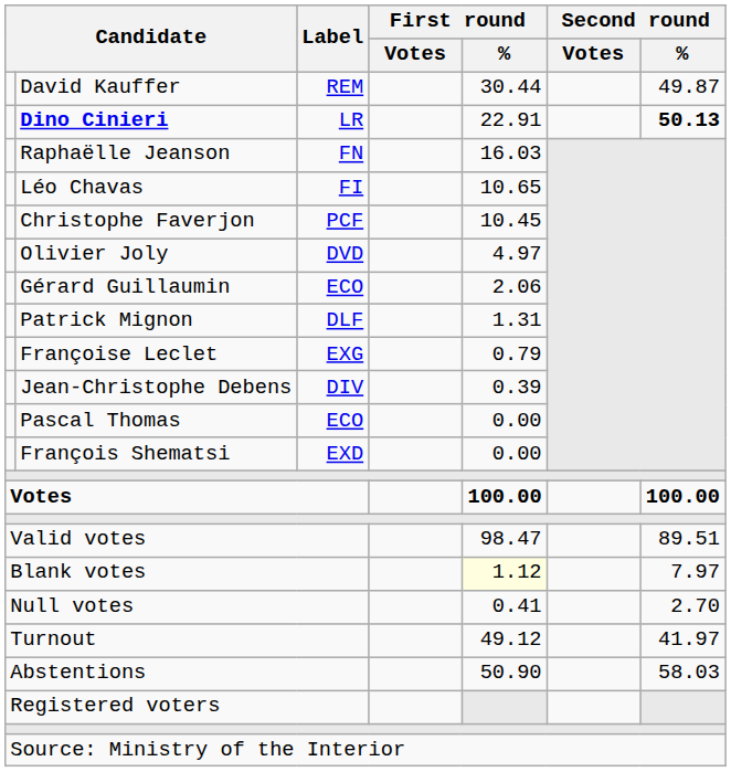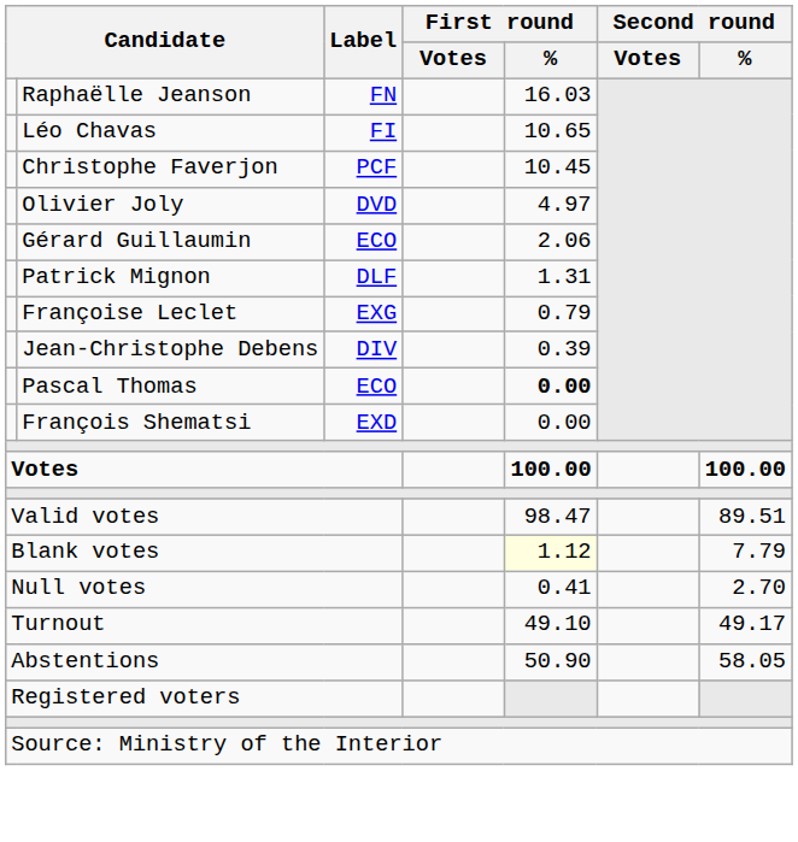 <table class="wikitable" style="text-align:right;font-size:95%;">
 <tr>
 <th rowspan="2" colspan="2">Candidate</th>
 <th rowspan="2">Label</th>
 <th colspan="2">First round</th>
 <th colspan="2">Second round</th>
 </tr>
 <tr>
 <th style="width:50px;">Votes</th>
 <th style="width:45px;">%</th>
 <th style="width:50px;">Votes</th>
 <th style="width:45px;">%</th>
-</tr>
-<tr>
-<td style="color:inherit;background:"></td>
-<td style="text-align:left;">David Kauffer</td>
-<td><a href='#'>REM</a></td>
-<td></td>
-<td>30.44</td>
-<td></td>
-<td>49.87</td>
-</tr>
-<tr>
-<td style="color:inherit;background:"></td>
-<td style="text-align:left;"><strong><a href='#'>Dino Cinieri</a></strong></td>
-<td><a href='#'>LR</a></td>
-<td></td>
-<td>22.91</td>
-<td><strong></strong></td>
-<td><strong>50.13</strong></td>
 </tr>
 <tr>
 <td style="color:inherit;background:"></td>
 <td style="text-align:left;">Raphaëlle Jeanson</td>
 <td><a href='#'>FN</a></td>
 <td></td>
 <td>16.03</td>
 <td colspan="2" rowspan="10" style="background:#E9E9E9;"></td>
 </tr>
 <tr>
 <td style="color:inherit;background:"></td>
 <td style="text-align:left;">Léo Chavas</td>
 <td><a href='#'>FI</a></td>
 <td></td>
 <td>10.65</td>
 </tr>
 <tr>
 <td style="color:inherit;background:"></td>
 <td style="text-align:left;">Christophe Faverjon</td>
 <td><a href='#'>PCF</a></td>
 <td></td>
 <td>10.45</td>
 </tr>
 <tr>
 <td style="color:inherit;background:"></td>
 <td style="text-align:left;">Olivier Joly</td>
 <td><a href='#'>DVD</a></td>
 <td></td>
 <td>4.97</td>
 </tr>
 <tr>
 <td style="color:inherit;background:"></td>
 <td style="text-align:left;">Gérard Guillaumin</td>
 <td><a href='#'>ECO</a></td>
 <td></td>
 <td>2.06</td>
 </tr>
 <tr>
 <td style="color:inherit;background:"></td>
 <td style="text-align:left;">Patrick Mignon</td>
 <td><a href='#'>DLF</a></td>
 <td></td>
 <td>1.31</td>
 </tr>
 <tr>
 <td style="color:inherit;background:"></td>
 <td style="text-align:left;">Françoise Leclet</td>
 <td><a href='#'>EXG</a></td>
 <td></td>
 <td>0.79</td>
 </tr>
 <tr>
 <td style="color:inherit;background:"></td>
 <td style="text-align:left;">Jean-Christophe Debens</td>
 <td><a href='#'>DIV</a></td>
 <td></td>
 <td>0.39</td>
 </tr>
 <tr>
 <td style="color:inherit;background:"></td>
 <td style="text-align:left;">Pascal Thomas</td>
 <td><a href='#'>ECO</a></td>
 <td></td>
-<td>0.00</td>
+<td><strong>0.00</strong></td>
 </tr>
 <tr>
 <td style="color:inherit;background:"></td>
 <td style="text-align:left;">François Shematsi</td>
 <td><a href='#'>EXD</a></td>
 <td></td>
 <td>0.00</td>
 </tr>
 <tr>
 <td colspan="7" style="background:#E9E9E9;"></td>
 </tr>
 <tr style="font-weight:bold;">
 <td colspan="3" style="text-align:left;">Votes</td>
 <td></td>
 <td>100.00</td>
 <td></td>
 <td>100.00</td>
 </tr>
 <tr>
 <td colspan="7" style="background:#E9E9E9;"></td>
 </tr>
 <tr>
 <td colspan="3" style="text-align:left;">Valid votes</td>
 <td></td>
 <td>98.47</td>
 <td></td>
 <td>89.51</td>
 </tr>
 <tr>
 <td colspan="3" style="text-align:left;">Blank votes</td>
 <td></td>
 <td style="background: lightyellow;">1.12</td>
 <td></td>
-<td>7.97</td>
+<td>7.79</td>
 </tr>
 <tr>
 <td colspan="3" style="text-align:left;">Null votes</td>
 <td></td>
 <td>0.41</td>
 <td></td>
 <td>2.70</td>
 </tr>
 <tr>
 <td colspan="3" style="text-align:left;">Turnout</td>
 <td></td>
-<td>49.12</td>
+<td>49.10</td>
 <td></td>
-<td>41.97</td>
+<td>49.17</td>
 </tr>
 <tr>
 <td colspan="3" style="text-align:left;">Abstentions</td>
 <td></td>
 <td>50.90</td>
 <td></td>
-<td>58.03</td>
+<td>58.05</td>
 </tr>
 <tr>
 <td colspan="3" style="text-align:left;">Registered voters</td>
 <td></td>
 <td style="color:inherit;background:#E9E9E9;"></td>
 <td></td>
 <td style="color:inherit;background:#E9E9E9;"></td>
 </tr>
 <tr>
 <td colspan="7" style="background:#E9E9E9;"></td>
 </tr>
 <tr>
 <td colspan="7" style="text-align:left;">Source: Ministry of the Interior</td>
 </tr>
 </table>
